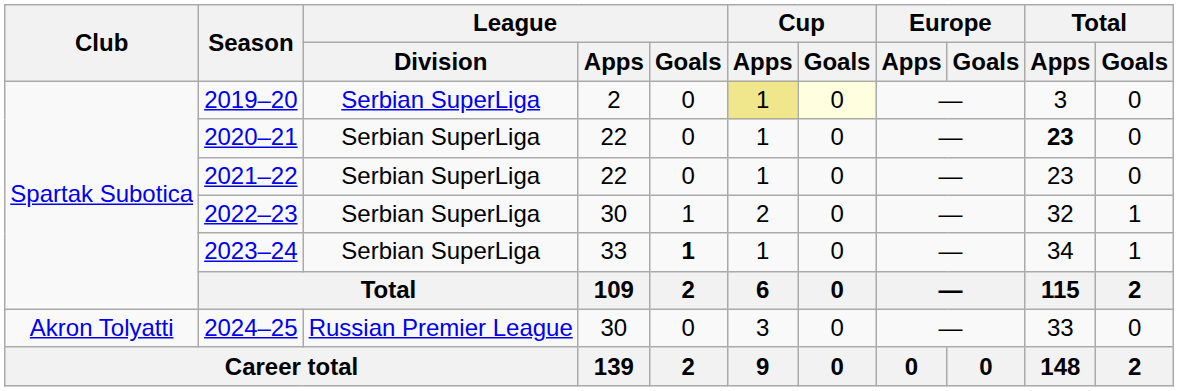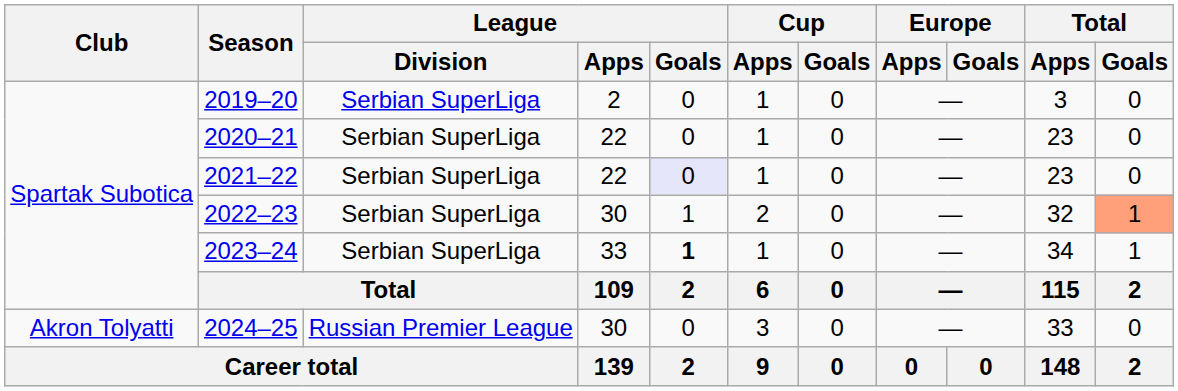 <table class="wikitable" style="text-align: center;">
 <tr>
 <th rowspan="2">Club</th>
 <th rowspan="2">Season</th>
 <th colspan="3">League</th>
 <th colspan="2">Cup</th>
 <th colspan="2">Europe</th>
 <th colspan="2">Total</th>
 </tr>
 <tr>
 <th>Division</th>
 <th>Apps</th>
 <th>Goals</th>
 <th>Apps</th>
 <th>Goals</th>
 <th>Apps</th>
 <th>Goals</th>
 <th>Apps</th>
 <th>Goals</th>
 </tr>
 <tr>
 <td rowspan="6"><a href='#'>Spartak Subotica</a></td>
 <td><a href='#'>2019–20</a></td>
 <td><a href='#'>Serbian SuperLiga</a></td>
 <td>2</td>
 <td>0</td>
-<td style="background: khaki;">1</td>
-<td style="background: lightyellow;">0</td>
+<td>1</td>
+<td>0</td>
 <td colspan="2">—</td>
 <td>3</td>
 <td>0</td>
 </tr>
 <tr>
 <td><a href='#'>2020–21</a></td>
 <td>Serbian SuperLiga</td>
 <td>22</td>
 <td>0</td>
 <td>1</td>
 <td>0</td>
 <td colspan="2">—</td>
-<td><strong>23</strong></td>
+<td>23</td>
 <td>0</td>
 </tr>
 <tr>
 <td><a href='#'>2021–22</a></td>
 <td>Serbian SuperLiga</td>
 <td>22</td>
-<td>0</td>
+<td style="background: lavender;">0</td>
 <td>1</td>
 <td>0</td>
 <td colspan="2">—</td>
 <td>23</td>
 <td>0</td>
 </tr>
 <tr>
 <td><a href='#'>2022–23</a></td>
 <td>Serbian SuperLiga</td>
 <td>30</td>
 <td>1</td>
 <td>2</td>
 <td>0</td>
 <td colspan="2">—</td>
 <td>32</td>
-<td>1</td>
+<td style="background: lightsalmon;">1</td>
 </tr>
 <tr>
 <td><a href='#'>2023–24</a></td>
 <td>Serbian SuperLiga</td>
 <td>33</td>
 <td><strong>1</strong></td>
 <td>1</td>
 <td>0</td>
 <td colspan="2">—</td>
 <td>34</td>
 <td>1</td>
 </tr>
 <tr>
 <th colspan="2">Total</th>
 <th>109</th>
 <th>2</th>
 <th>6</th>
 <th>0</th>
 <th colspan="2">—</th>
 <th>115</th>
 <th>2</th>
 </tr>
 <tr>
 <td><a href='#'>Akron Tolyatti</a></td>
 <td><a href='#'>2024–25</a></td>
 <td><a href='#'>Russian Premier League</a></td>
 <td>30</td>
 <td>0</td>
 <td>3</td>
 <td>0</td>
 <td colspan="2">—</td>
 <td>33</td>
 <td>0</td>
 </tr>
 <tr>
 <th colspan="3">Career total</th>
 <th>139</th>
 <th>2</th>
 <th>9</th>
 <th>0</th>
 <th>0</th>
 <th>0</th>
 <th>148</th>
 <th>2</th>
 </tr>
 </table>
